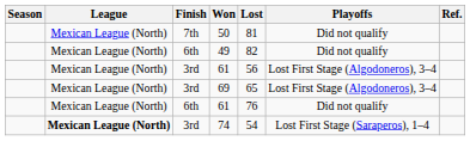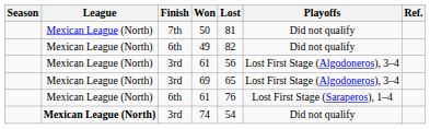 <table class="wikitable" style="text-align:center">
 <tr>
 <th style="text-align:center; ">Season</th>
 <th style="text-align:center; ">League</th>
 <th style="text-align:center; ">Finish</th>
 <th style="text-align:center; ">Won</th>
 <th style="text-align:center; ">Lost</th>
 <th style="text-align:center; ">Playoffs</th>
 <th style="text-align:center; ">Ref.</th>
 </tr>
 <tr>
 <td></td>
 <td><a href='#'>Mexican League</a> (North)</td>
 <td>7th</td>
 <td>50</td>
 <td>81</td>
 <td>Did not qualify</td>
 <td></td>
 </tr>
 <tr>
 <td></td>
 <td>Mexican League (North)</td>
 <td>6th</td>
 <td>49</td>
 <td>82</td>
 <td>Did not qualify</td>
 <td></td>
 </tr>
 <tr>
 <td></td>
 <td>Mexican League (North)</td>
 <td>3rd</td>
 <td>61</td>
 <td>56</td>
 <td>Lost First Stage (<a href='#'>Algodoneros</a>), 3–4</td>
 <td></td>
 </tr>
 <tr>
 <td></td>
 <td>Mexican League (North)</td>
 <td>3rd</td>
 <td>69</td>
 <td>65</td>
 <td>Lost First Stage (<a href='#'>Algodoneros</a>), 3–4</td>
 <td></td>
 </tr>
 <tr>
 <td></td>
 <td>Mexican League (North)</td>
 <td>6th</td>
 <td>61</td>
 <td>76</td>
-<td>Did not qualify</td>
+<td>Lost First Stage (<a href='#'>Saraperos</a>), 1–4</td>
 <td></td>
 </tr>
 <tr>
 <td></td>
 <td><strong>Mexican League (North)</strong></td>
 <td>3rd</td>
 <td>74</td>
 <td>54</td>
-<td>Lost First Stage (<a href='#'>Saraperos</a>), 1–4</td>
+<td>Did not qualify</td>
 <td></td>
 </tr>
 </table>
